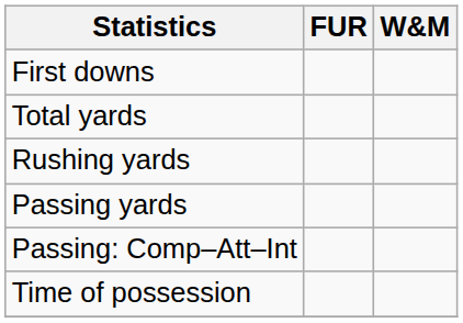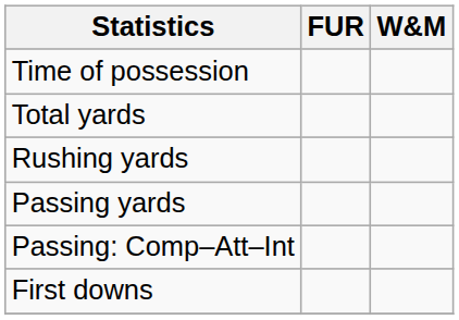 <table class="wikitable" style="float: left;">
 <tr>
 <th>Statistics</th>
 <th>FUR</th>
 <th>W&M</th>
 </tr>
 <tr>
-<td>First downs</td>
+<td>Time of possession</td>
 <td></td>
 <td></td>
 </tr>
 <tr>
 <td>Total yards</td>
 <td></td>
 <td></td>
 </tr>
 <tr>
 <td>Rushing yards</td>
 <td></td>
 <td></td>
 </tr>
 <tr>
 <td>Passing yards</td>
 <td></td>
 <td></td>
 </tr>
 <tr>
 <td>Passing: Comp–Att–Int</td>
 <td></td>
 <td></td>
 </tr>
 <tr>
-<td>Time of possession</td>
+<td>First downs</td>
 <td></td>
 <td></td>
 </tr>
 <tr>
 </tr>
 </table>
